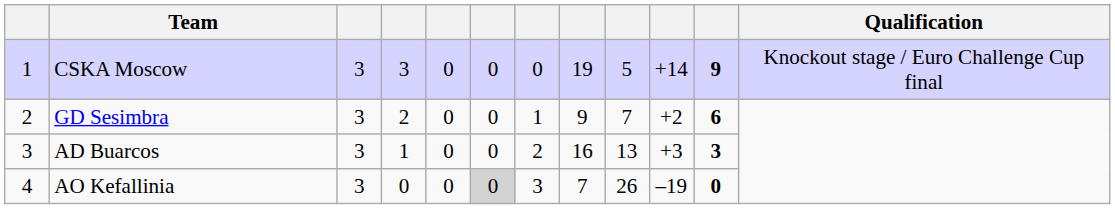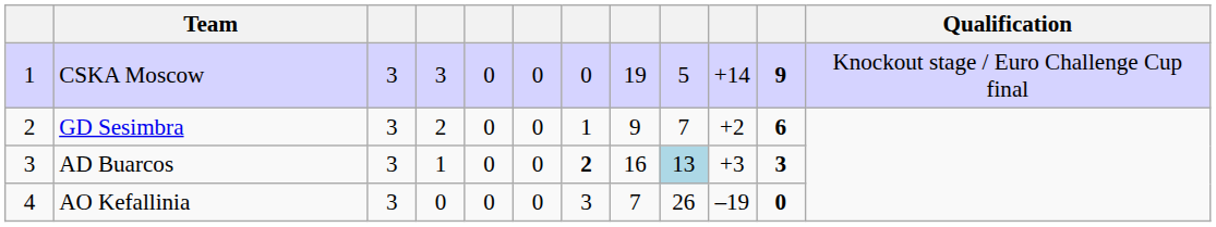 <table class="wikitable" style="font-size: 95%">
 <tr>
 <th width="25"></th>
 <th width="200">Team</th>
 <th width="25"></th>
 <th width="25"></th>
 <th width="25"></th>
 <th width="25"></th>
 <th width="25"></th>
 <th width="25"></th>
 <th width="25"></th>
 <th width="25"></th>
 <th width="25"></th>
 <th width="260">Qualification</th>
 </tr>
 <tr align=center bgcolor=#d5d3ff>
 <td>1</td>
 <td align=left> CSKA Moscow</td>
 <td>3</td>
 <td>3</td>
 <td>0</td>
 <td>0</td>
 <td>0</td>
 <td>19</td>
 <td>5</td>
 <td>+14</td>
 <td><strong>9</strong></td>
 <td>Knockout stage / Euro Challenge Cup final</td>
 </tr>
 <tr align=center>
 <td>2</td>
 <td align=left> <a href='#'>GD Sesimbra</a></td>
 <td>3</td>
 <td>2</td>
 <td>0</td>
 <td>0</td>
 <td>1</td>
 <td>9</td>
 <td>7</td>
 <td>+2</td>
 <td><strong>6</strong></td>
 <td rowspan=3></td>
 </tr>
 <tr align=center>
 <td>3</td>
 <td align=left> AD Buarcos</td>
 <td>3</td>
 <td>1</td>
 <td>0</td>
 <td>0</td>
-<td>2</td>
+<td><strong>2</strong></td>
 <td>16</td>
-<td>13</td>
+<td style="background: lightblue;">13</td>
 <td>+3</td>
 <td><strong>3</strong></td>
 </tr>
 <tr align=center>
 <td>4</td>
 <td align=left> AO Kefallinia</td>
 <td>3</td>
 <td>0</td>
 <td>0</td>
-<td style="background: lightgrey;">0</td>
+<td>0</td>
 <td>3</td>
 <td>7</td>
 <td>26</td>
 <td>–19</td>
 <td><strong>0</strong></td>
 </tr>
 </table>
